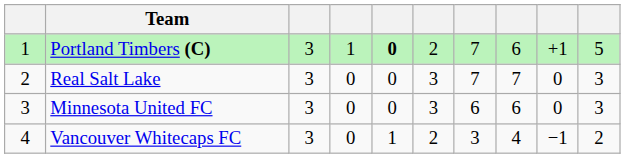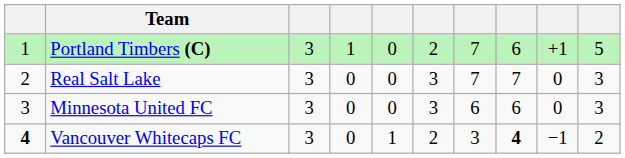 <table class="wikitable" style="text-align: center;">
 <tr>
 <th style="width:28px;"></th>
 <th style="width:200px;">Team</th>
 <th width="28"></th>
 <th width="28"></th>
 <th width="28"></th>
 <th width="28"></th>
 <th width="28"></th>
 <th width="28"></th>
 <th width="28"></th>
 <th width="28"></th>
 </tr>
 <tr bgcolor="#bbf3bb">
 <td>1</td>
 <td style="text-align:left;"> <a href='#'>Portland Timbers</a> <strong>(C)</strong></td>
 <td>3</td>
 <td>1</td>
-<td><strong>0</strong></td>
+<td>0</td>
 <td>2</td>
 <td>7</td>
 <td>6</td>
 <td>+1</td>
 <td>5</td>
 </tr>
 <tr>
 <td>2</td>
 <td style="text-align:left;"> <a href='#'>Real Salt Lake</a></td>
 <td>3</td>
 <td>0</td>
 <td>0</td>
 <td>3</td>
 <td>7</td>
 <td>7</td>
 <td>0</td>
 <td>3</td>
 </tr>
 <tr>
 <td>3</td>
 <td style="text-align:left;"> <a href='#'>Minnesota United FC</a></td>
 <td>3</td>
 <td>0</td>
 <td>0</td>
 <td>3</td>
 <td>6</td>
 <td>6</td>
 <td>0</td>
 <td>3</td>
 </tr>
 <tr>
-<td>4</td>
+<td><strong>4</strong></td>
 <td style="text-align:left;"> <a href='#'>Vancouver Whitecaps FC</a></td>
 <td>3</td>
 <td>0</td>
 <td>1</td>
 <td>2</td>
 <td>3</td>
-<td>4</td>
+<td><strong>4</strong></td>
 <td>−1</td>
 <td>2</td>
 </tr>
 </table>
